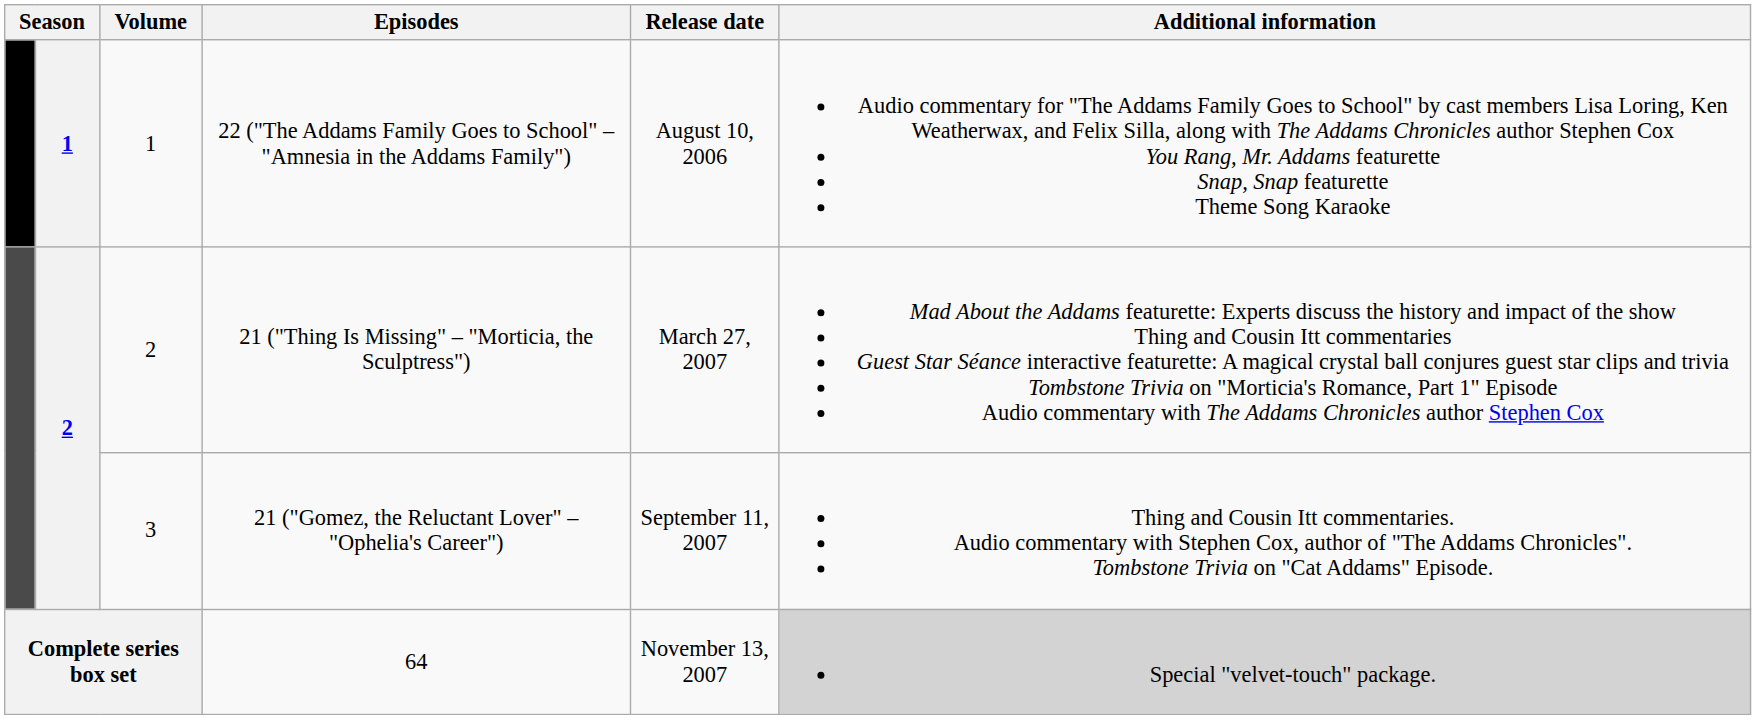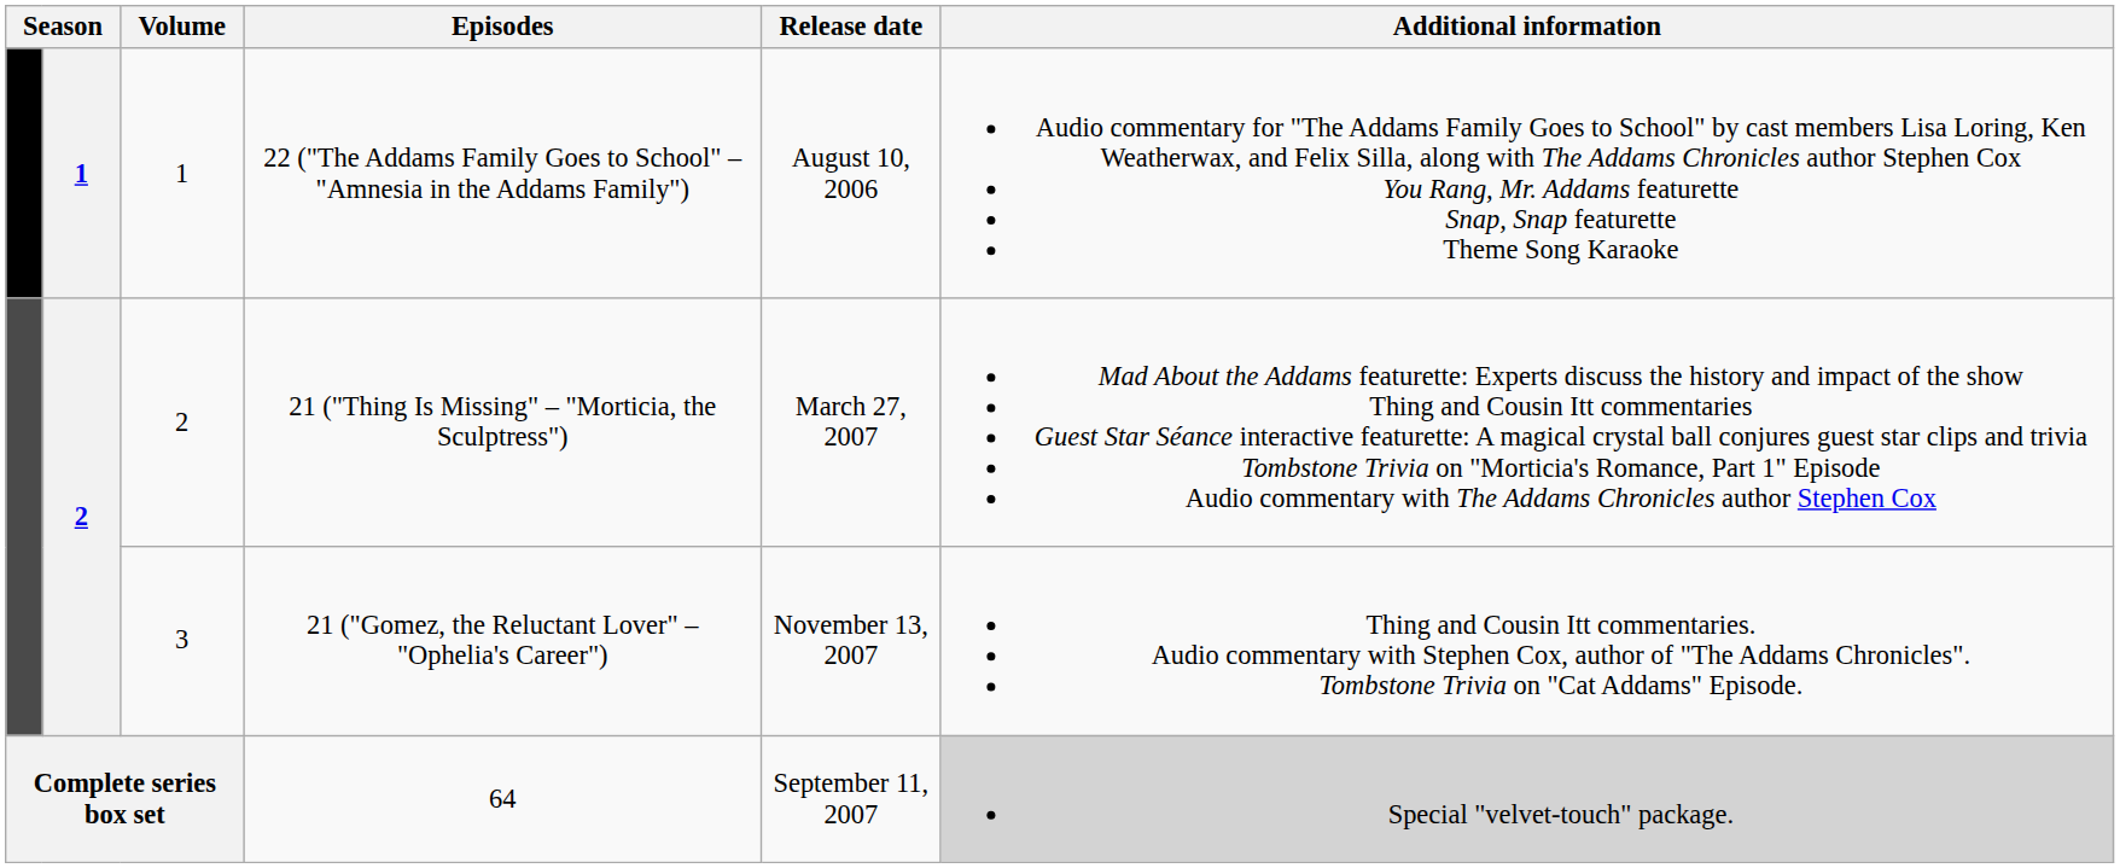 <table class="wikitable" style="text-align: center">
 <tr>
 <th colspan=2>Season</th>
 <th>Volume</th>
 <th>Episodes</th>
 <th>Release date</th>
 <th>Additional information</th>
 </tr>
 <tr>
 <th rowspan=2 style="background:#000"></th>
 <th rowspan=2><a href='#'>1</a></th>
 <td>1</td>
 <td>22 ("The Addams Family Goes to School" – "Amnesia in the Addams Family")</td>
 <td>August 10, 2006</td>
 <td><br><ul><li>Audio commentary for "The Addams Family Goes to School" by cast members Lisa Loring, Ken Weatherwax, and Felix Silla, along with <em>The Addams Chronicles</em> author Stephen Cox</li><li><em>You Rang, Mr. Addams</em> featurette</li><li><em>Snap, Snap</em> featurette</li><li>Theme Song Karaoke</li></ul></td>
 </tr>
 <tr>
 <td rowspan=2>2</td>
 <td rowspan=2>21 ("Thing Is Missing" – "Morticia, the Sculptress")</td>
 <td rowspan=2>March 27, 2007</td>
 <td rowspan=2><br><ul><li><em>Mad About the Addams</em> featurette: Experts discuss the history and impact of the show</li><li>Thing and Cousin Itt commentaries</li><li><em>Guest Star Séance</em> interactive featurette: A magical crystal ball conjures guest star clips and trivia</li><li><em>Tombstone Trivia</em> on "Morticia's Romance, Part 1" Episode</li><li>Audio commentary with <em>The Addams Chronicles</em> author <a href='#'>Stephen Cox</a></li></ul></td>
 </tr>
 <tr>
 <th rowspan=2 style="background:#4a4a4a"></th>
 <th rowspan=2><a href='#'>2</a></th>
 </tr>
 <tr>
 <td>3</td>
 <td>21 ("Gomez, the Reluctant Lover" – "Ophelia's Career")</td>
-<td>September 11, 2007</td>
+<td>November 13, 2007</td>
 <td><br><ul><li>Thing and Cousin Itt commentaries.</li><li>Audio commentary with Stephen Cox, author of "The Addams Chronicles".</li><li><em>Tombstone Trivia</em> on "Cat Addams" Episode.</li></ul></td>
 </tr>
 <tr>
 <th colspan=3>Complete series box set</th>
 <td>64</td>
-<td>November 13, 2007</td>
+<td>September 11, 2007</td>
 <td style="background: lightgrey;"><br><ul><li>Special "velvet-touch" package.</li></ul></td>
 </tr>
 </table>
